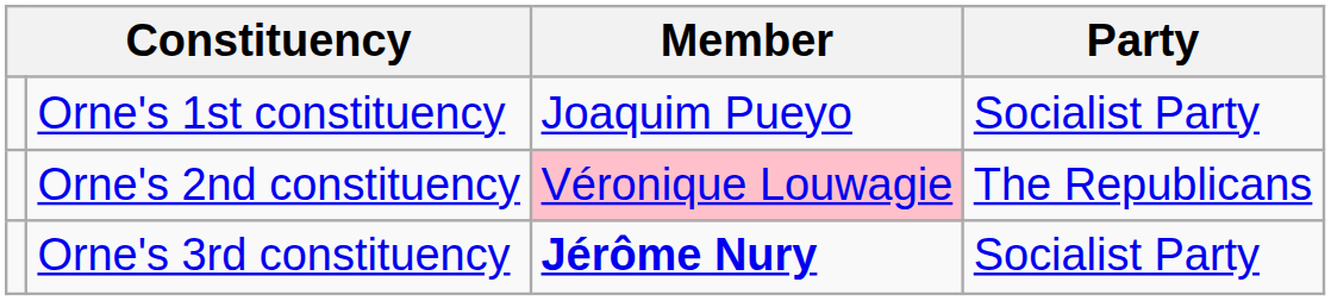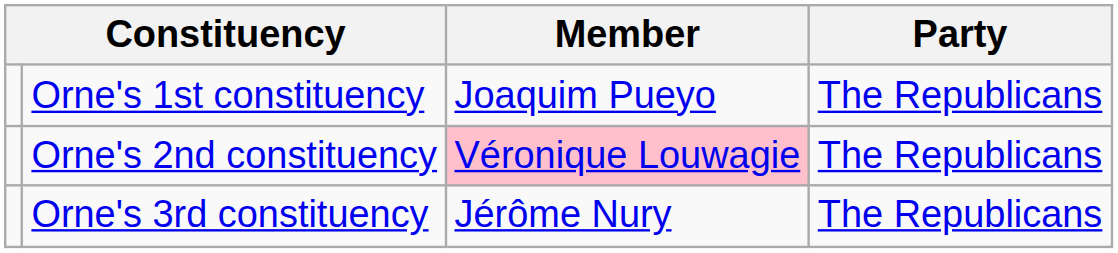 <table class="wikitable">
 <tr>
 <th colspan="2">Constituency</th>
 <th>Member</th>
 <th>Party</th>
 </tr>
 <tr>
 <td style="background-color: "></td>
 <td><a href='#'>Orne's 1st constituency</a></td>
 <td><a href='#'>Joaquim Pueyo</a></td>
-<td><a href='#'>Socialist Party</a></td>
+<td><a href='#'>The Republicans</a></td>
 </tr>
 <tr>
 <td style="background-color: "></td>
 <td><a href='#'>Orne's 2nd constituency</a></td>
 <td style="background: pink;"><a href='#'>Véronique Louwagie</a></td>
 <td><a href='#'>The Republicans</a></td>
 </tr>
 <tr>
 <td style="background-color: "></td>
 <td><a href='#'>Orne's 3rd constituency</a></td>
-<td><strong><a href='#'>Jérôme Nury</a></strong></td>
-<td><a href='#'>Socialist Party</a></td>
+<td><a href='#'>Jérôme Nury</a></td>
+<td><a href='#'>The Republicans</a></td>
 </tr>
 </table>
